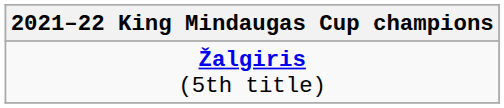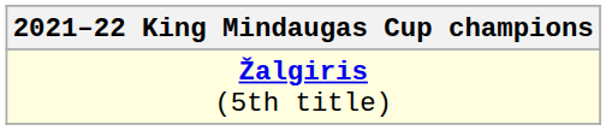 <table class=wikitable style="text-align:center; margin:auto">
 <tr>
 <th>2021–22 King Mindaugas Cup champions</th>
 </tr>
 <tr>
-<td><strong><a href='#'>Žalgiris</a></strong><br>(5th title)</td>
+<td style="background: lightyellow;"><strong><a href='#'>Žalgiris</a></strong><br>(5th title)</td>
 </tr>
 </table>
